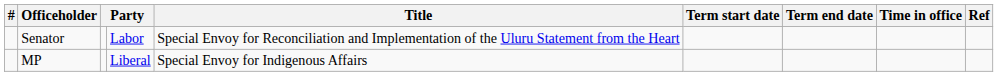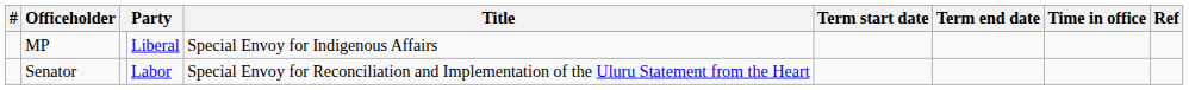 <table class='wikitable sortable'>
 <tr>
 <th>#</th>
 <th>Officeholder</th>
 <th colspan="2">Party</th>
 <th>Title</th>
 <th>Term start date</th>
 <th>Term end date</th>
 <th>Time in office</th>
 <th class="unsortable">Ref</th>
 </tr>
 <tr>
 <td align=center></td>
+<td> MP</td>
+<td></td>
+<td><a href='#'>Liberal</a></td>
+<td>Special Envoy for Indigenous Affairs</td>
+<td align=center></td>
+<td align=center></td>
+<td align=right></td>
+<td></td>
+</tr>
+<tr>
+<td align=center></td>
 <td>Senator </td>
 <td></td>
 <td><a href='#'>Labor</a></td>
 <td>Special Envoy for Reconciliation and Implementation of the <a href='#'>Uluru Statement from the Heart</a></td>
 <td align=center></td>
 <td align=center></td>
 <td align=right></td>
 <td></td>
 </tr>
-<tr>
-<td align=center></td>
-<td> MP</td>
-<td></td>
-<td><a href='#'>Liberal</a></td>
-<td>Special Envoy for Indigenous Affairs</td>
-<td align=center></td>
-<td align=center></td>
-<td align=right></td>
-<td></td>
-</tr>
 </table>
